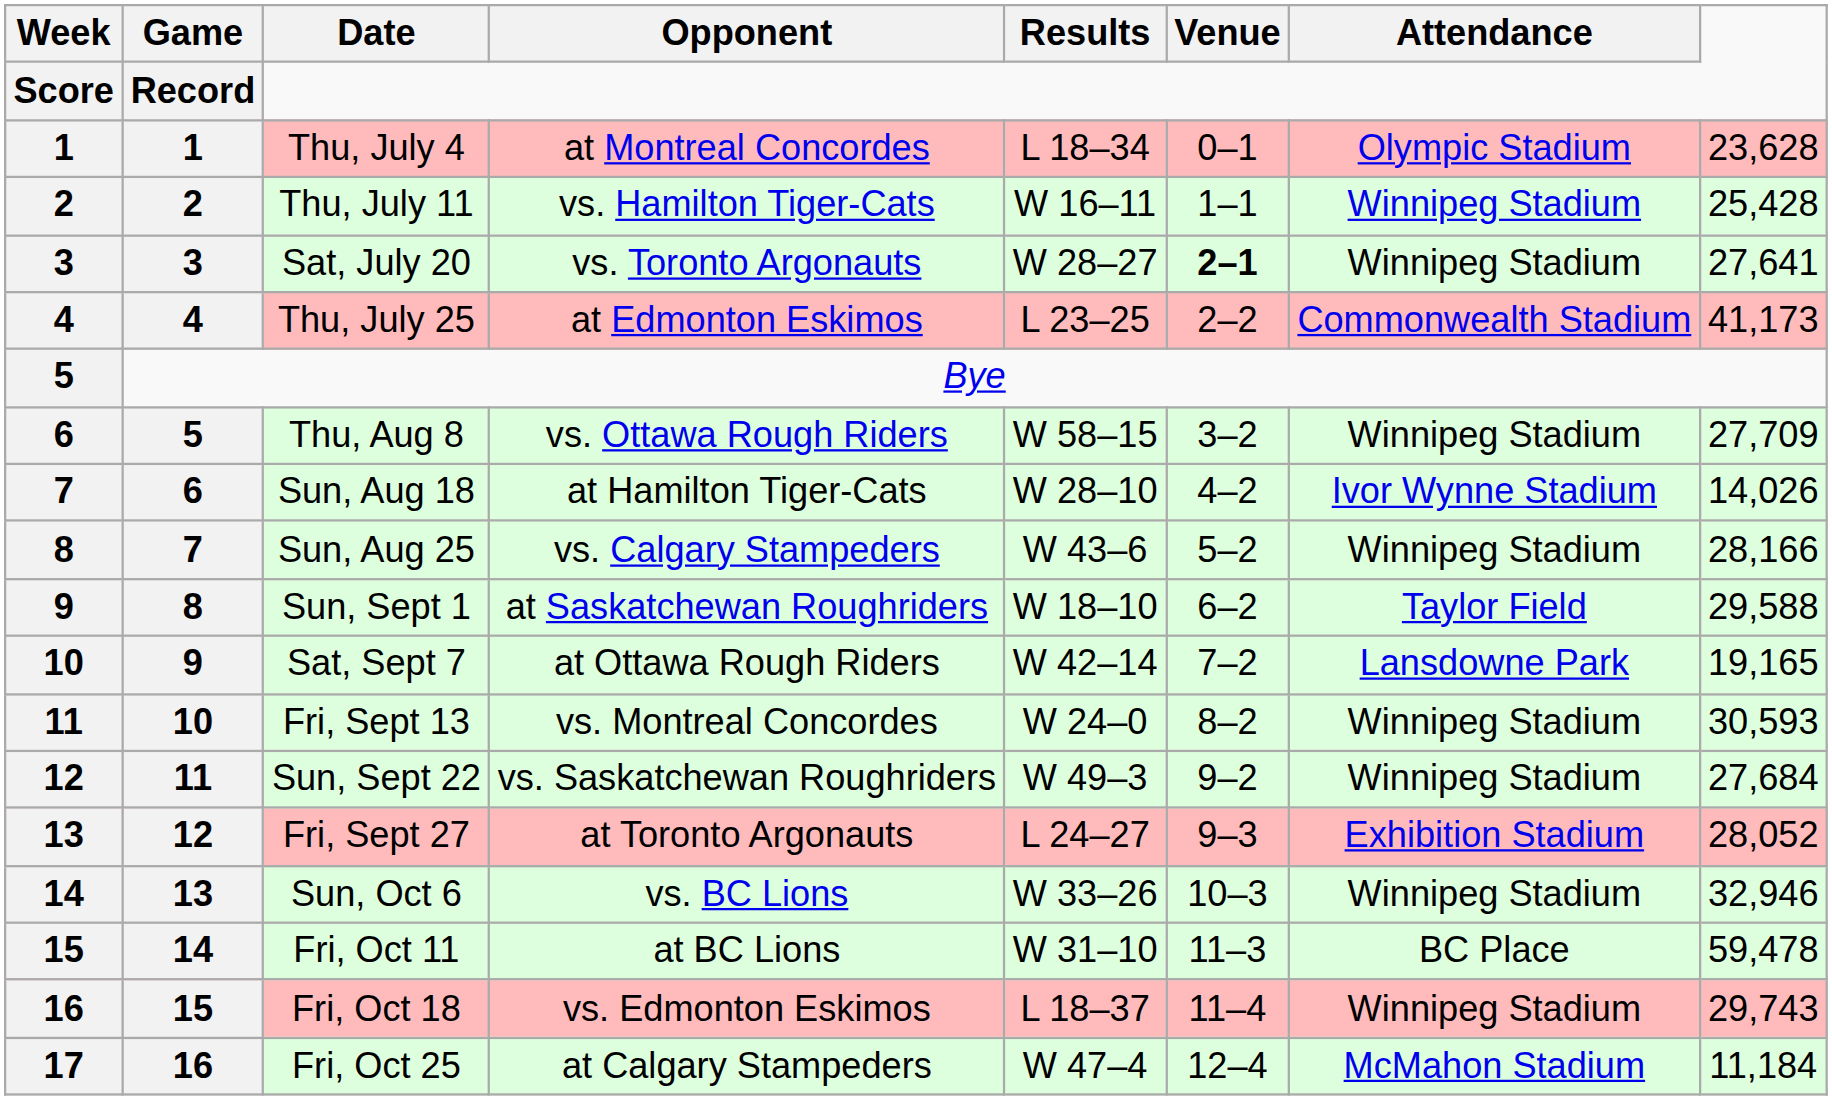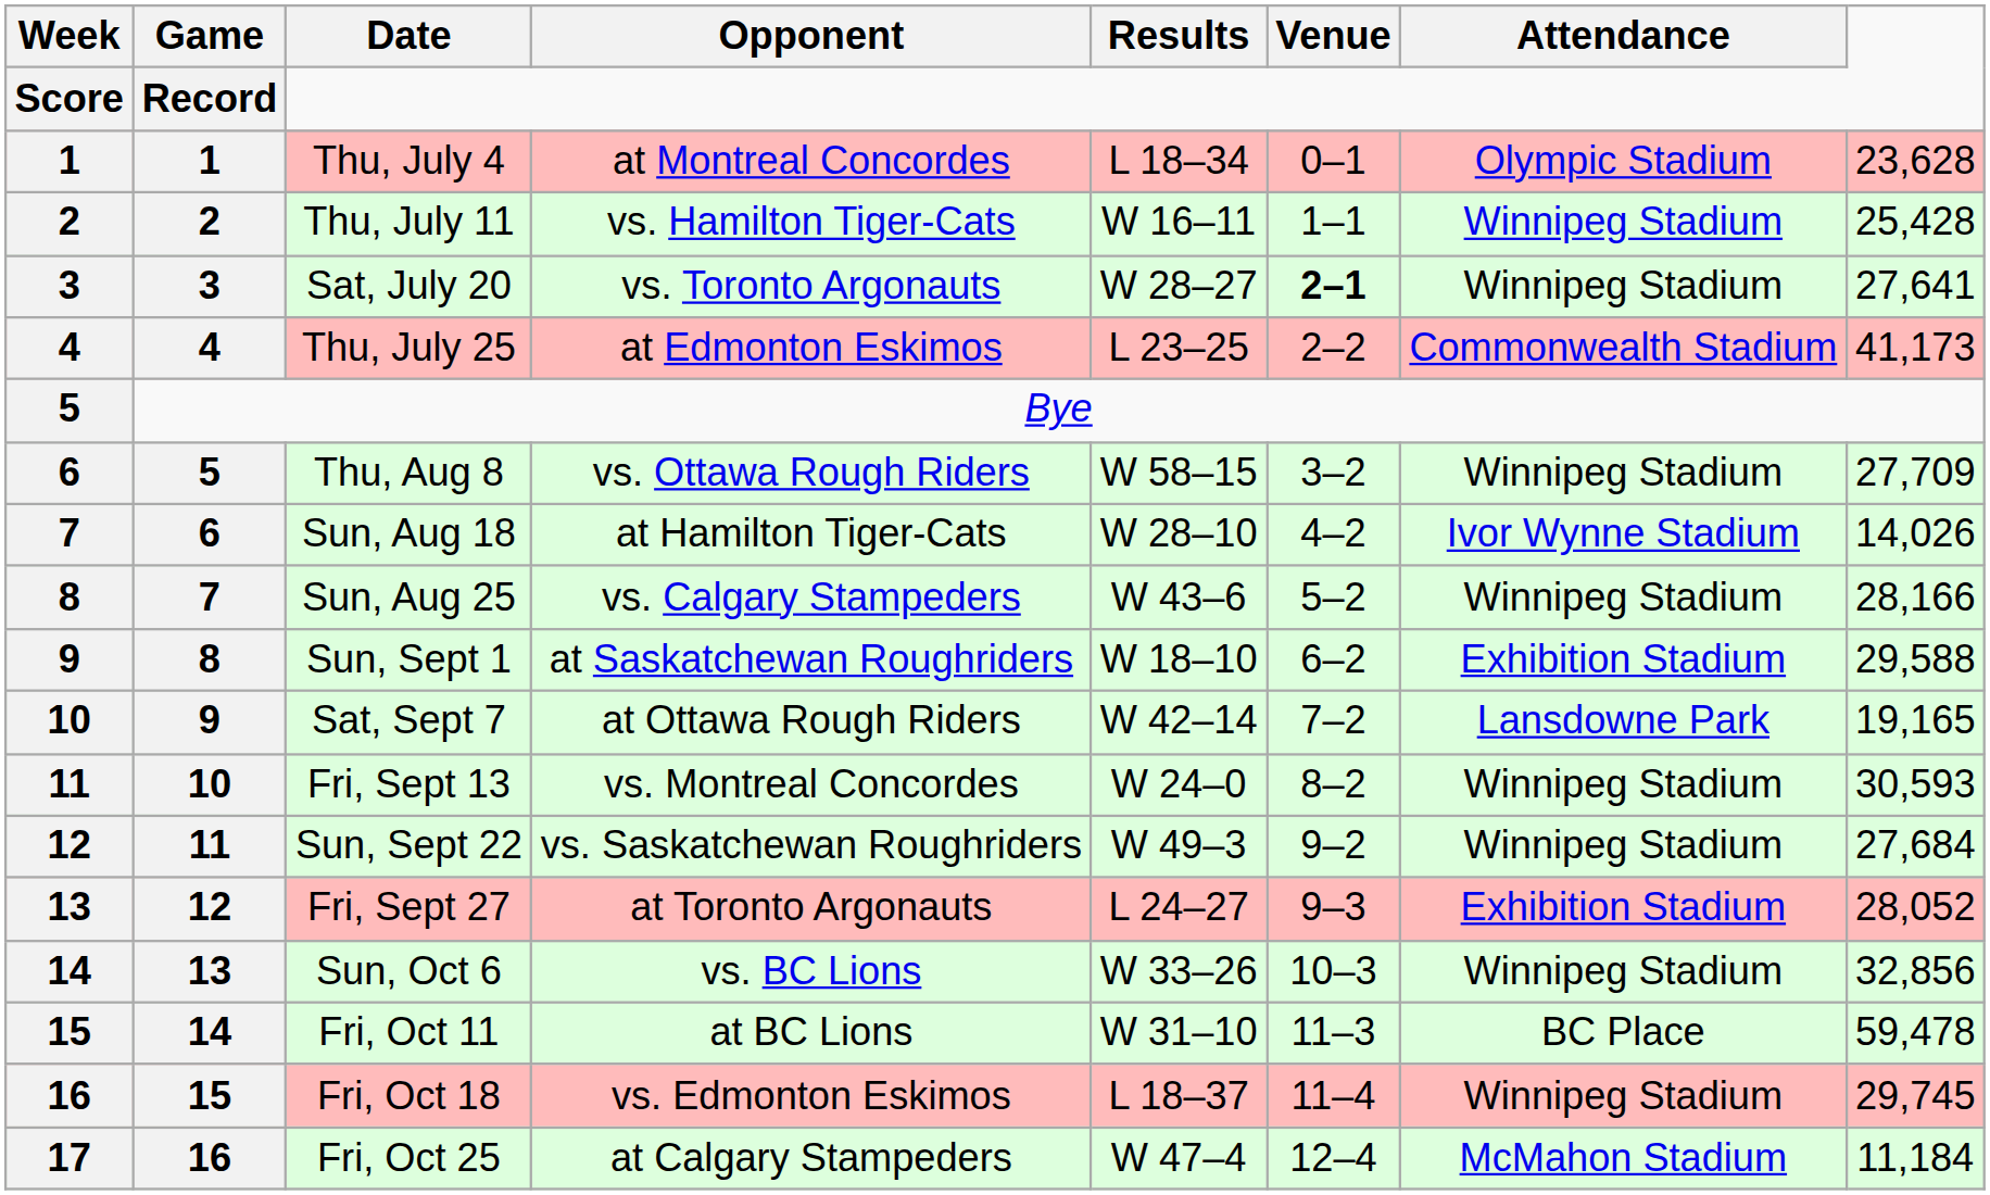 <table class="wikitable" style="text-align:center">
 <tr>
 <th>Week</th>
 <th>Game</th>
 <th>Date</th>
 <th>Opponent</th>
 <th>Results</th>
 <th>Venue</th>
 <th>Attendance</th>
 </tr>
 <tr>
 <th>Score</th>
 <th>Record</th>
 </tr>
 <tr style="background:#ffbbbb">
 <th>1</th>
 <th>1</th>
 <td>Thu, July 4</td>
 <td>at <a href='#'>Montreal Concordes</a></td>
 <td>L 18–34</td>
 <td>0–1</td>
 <td><a href='#'>Olympic Stadium</a></td>
 <td>23,628</td>
 </tr>
 <tr style="background:#ddffdd">
 <th>2</th>
 <th>2</th>
 <td>Thu, July 11</td>
 <td>vs. <a href='#'>Hamilton Tiger-Cats</a></td>
 <td>W 16–11</td>
 <td>1–1</td>
 <td><a href='#'>Winnipeg Stadium</a></td>
 <td>25,428</td>
 </tr>
 <tr style="background:#ddffdd">
 <th>3</th>
 <th>3</th>
 <td>Sat, July 20</td>
 <td>vs. <a href='#'>Toronto Argonauts</a></td>
 <td>W 28–27</td>
 <td><strong>2–1</strong></td>
 <td>Winnipeg Stadium</td>
 <td>27,641</td>
 </tr>
 <tr style="background:#ffbbbb">
 <th>4</th>
 <th>4</th>
 <td>Thu, July 25</td>
 <td>at <a href='#'>Edmonton Eskimos</a></td>
 <td>L 23–25</td>
 <td>2–2</td>
 <td><a href='#'>Commonwealth Stadium</a></td>
 <td>41,173</td>
 </tr>
 <tr>
 <th>5</th>
 <td colspan=7><em><a href='#'>Bye</a></em></td>
 </tr>
 <tr style="background:#ddffdd">
 <th>6</th>
 <th>5</th>
 <td>Thu, Aug 8</td>
 <td>vs. <a href='#'>Ottawa Rough Riders</a></td>
 <td>W 58–15</td>
 <td>3–2</td>
 <td>Winnipeg Stadium</td>
 <td>27,709</td>
 </tr>
 <tr style="background:#ddffdd">
 <th>7</th>
 <th>6</th>
 <td>Sun, Aug 18</td>
 <td>at Hamilton Tiger-Cats</td>
 <td>W 28–10</td>
 <td>4–2</td>
 <td><a href='#'>Ivor Wynne Stadium</a></td>
 <td>14,026</td>
 </tr>
 <tr style="background:#ddffdd">
 <th>8</th>
 <th>7</th>
 <td>Sun, Aug 25</td>
 <td>vs. <a href='#'>Calgary Stampeders</a></td>
 <td>W 43–6</td>
 <td>5–2</td>
 <td>Winnipeg Stadium</td>
 <td>28,166</td>
 </tr>
 <tr style="background:#ddffdd">
 <th>9</th>
 <th>8</th>
 <td>Sun, Sept 1</td>
 <td>at <a href='#'>Saskatchewan Roughriders</a></td>
 <td>W 18–10</td>
 <td>6–2</td>
-<td><a href='#'>Taylor Field</a></td>
+<td><a href='#'>Exhibition Stadium</a></td>
 <td>29,588</td>
 </tr>
 <tr style="background:#ddffdd">
 <th>10</th>
 <th>9</th>
 <td>Sat, Sept 7</td>
 <td>at Ottawa Rough Riders</td>
 <td>W 42–14</td>
 <td>7–2</td>
 <td><a href='#'>Lansdowne Park</a></td>
 <td>19,165</td>
 </tr>
 <tr style="background:#ddffdd">
 <th>11</th>
 <th>10</th>
 <td>Fri, Sept 13</td>
 <td>vs. Montreal Concordes</td>
 <td>W 24–0</td>
 <td>8–2</td>
 <td>Winnipeg Stadium</td>
 <td>30,593</td>
 </tr>
 <tr style="background:#ddffdd">
 <th>12</th>
 <th>11</th>
 <td>Sun, Sept 22</td>
 <td>vs. Saskatchewan Roughriders</td>
 <td>W 49–3</td>
 <td>9–2</td>
 <td>Winnipeg Stadium</td>
 <td>27,684</td>
 </tr>
 <tr style="background:#ffbbbb">
 <th>13</th>
 <th>12</th>
 <td>Fri, Sept 27</td>
 <td>at Toronto Argonauts</td>
 <td>L 24–27</td>
 <td>9–3</td>
 <td><a href='#'>Exhibition Stadium</a></td>
 <td>28,052</td>
 </tr>
 <tr style="background:#ddffdd">
 <th>14</th>
 <th>13</th>
 <td>Sun, Oct 6</td>
 <td>vs. <a href='#'>BC Lions</a></td>
 <td>W 33–26</td>
 <td>10–3</td>
 <td>Winnipeg Stadium</td>
-<td>32,946</td>
+<td>32,856</td>
 </tr>
 <tr style="background:#ddffdd">
 <th>15</th>
 <th>14</th>
 <td>Fri, Oct 11</td>
 <td>at BC Lions</td>
 <td>W 31–10</td>
 <td>11–3</td>
 <td>BC Place</td>
 <td>59,478</td>
 </tr>
 <tr style="background:#ffbbbb">
 <th>16</th>
 <th>15</th>
 <td>Fri, Oct 18</td>
 <td>vs. Edmonton Eskimos</td>
 <td>L 18–37</td>
 <td>11–4</td>
 <td>Winnipeg Stadium</td>
-<td>29,743</td>
+<td>29,745</td>
 </tr>
 <tr style="background:#ddffdd">
 <th>17</th>
 <th>16</th>
 <td>Fri, Oct 25</td>
 <td>at Calgary Stampeders</td>
 <td>W 47–4</td>
 <td>12–4</td>
 <td><a href='#'>McMahon Stadium</a></td>
 <td>11,184</td>
 </tr>
 </table>
